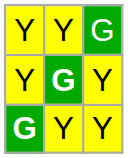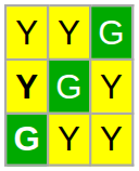 <table class=wikitable style="font-size:90%;text-align:center;">
 <tr>
 <td style="background:#ff0;color:#000;">Y</td>
 <td style="background:#ff0;color:#000;">Y</td>
 <td style="background:#0a0;color:#fff;">G</td>
 </tr>
 <tr>
-<td style="background:#ff0;color:#000;">Y</td>
-<td style="background:#0a0;color:#fff;"><strong>G</strong></td>
+<td style="background:#ff0;color:#000;"><strong>Y</strong></td>
+<td style="background:#0a0;color:#fff;">G</td>
 <td style="background:#ff0;color:#000;">Y</td>
 </tr>
 <tr>
 <td style="background:#0a0;color:#fff;"><strong>G</strong></td>
 <td style="background:#ff0;color:#000;">Y</td>
 <td style="background:#ff0;color:#000;">Y</td>
 </tr>
 </table>
